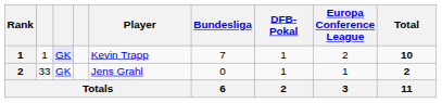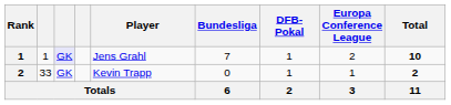 <table class="wikitable" style="text-align:center">
 <tr>
 <th width=15>Rank</th>
 <th width=15></th>
 <th width=15></th>
 <th width=15></th>
 <th width=145>Player</th>
 <th width=80><a href='#'>Bundesliga</a></th>
 <th width=80><a href='#'>DFB-Pokal</a></th>
 <th width=80><a href='#'>Europa Conference League</a></th>
 <th width=80>Total</th>
 </tr>
 <tr>
 <th>1</th>
 <td>1</td>
 <td style="background: lavender;"><a href='#'>GK</a></td>
 <td></td>
-<td align=left><a href='#'>Kevin Trapp</a></td>
+<td align=left><a href='#'>Jens Grahl</a></td>
 <td>7</td>
 <td>1</td>
 <td>2</td>
 <td><strong>10</strong></td>
 </tr>
 <tr>
 <th>2</th>
 <td>33</td>
 <td><a href='#'>GK</a></td>
 <td></td>
-<td align=left><a href='#'>Jens Grahl</a></td>
+<td align=left><a href='#'>Kevin Trapp</a></td>
 <td>0</td>
 <td>1</td>
 <td>1</td>
 <td><strong>2</strong></td>
 </tr>
 <tr>
 <th colspan=5>Totals</th>
 <th>6</th>
 <th>2</th>
 <th>3</th>
 <th>11</th>
 </tr>
 </table>
